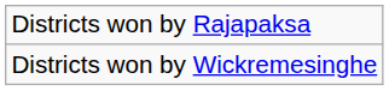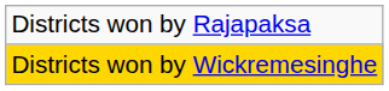 <table class="wikitable">
 <tr>
 <td>Districts won by <a href='#'>Rajapaksa</a></td>
 </tr>
 <tr>
-<td>Districts won by <a href='#'>Wickremesinghe</a></td>
+<td style="background: gold;">Districts won by <a href='#'>Wickremesinghe</a></td>
 </tr>
 </table>
